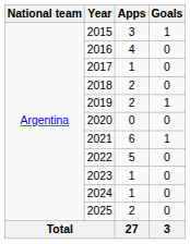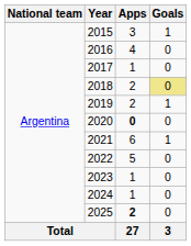 <table class="wikitable" style="text-align:center">
 <tr>
 <th>National team</th>
 <th>Year</th>
 <th>Apps</th>
 <th>Goals</th>
 </tr>
 <tr>
 <td rowspan="11"><a href='#'>Argentina</a></td>
 <td>2015</td>
 <td>3</td>
 <td>1</td>
 </tr>
 <tr>
 <td>2016</td>
 <td>4</td>
 <td>0</td>
 </tr>
 <tr>
 <td>2017</td>
 <td>1</td>
 <td>0</td>
 </tr>
 <tr>
 <td>2018</td>
 <td>2</td>
-<td>0</td>
+<td style="background: khaki;">0</td>
 </tr>
 <tr>
 <td>2019</td>
 <td>2</td>
 <td>1</td>
 </tr>
 <tr>
 <td>2020</td>
-<td>0</td>
+<td><strong>0</strong></td>
 <td>0</td>
 </tr>
 <tr>
 <td>2021</td>
 <td>6</td>
 <td>1</td>
 </tr>
 <tr>
 <td>2022</td>
 <td>5</td>
 <td>0</td>
 </tr>
 <tr>
 <td>2023</td>
 <td>1</td>
 <td>0</td>
 </tr>
 <tr>
 <td>2024</td>
 <td>1</td>
 <td>0</td>
 </tr>
 <tr>
 <td>2025</td>
-<td>2</td>
+<td><strong>2</strong></td>
 <td>0</td>
 </tr>
 <tr>
 <th colspan="2">Total</th>
 <th>27</th>
 <th>3</th>
 </tr>
 </table>
